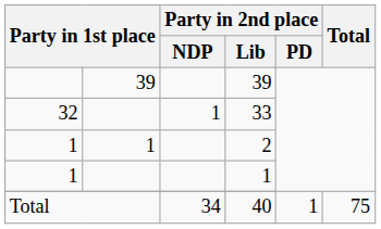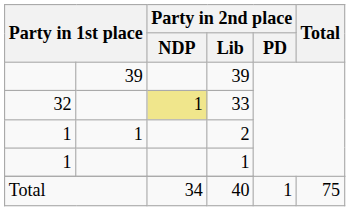 <table class="wikitable" style="text-align:right;">
 <tr>
 <th rowspan="2" colspan="2" style="text-align:left;">Party in 1st place</th>
 <th colspan="3">Party in 2nd place</th>
 <th rowspan="2">Total</th>
 </tr>
 <tr>
 <th>NDP</th>
 <th>Lib</th>
 <th>PD</th>
 </tr>
 <tr>
 <td></td>
 <td>39</td>
 <td></td>
 <td>39</td>
 </tr>
 <tr>
 <td>32</td>
 <td></td>
-<td>1</td>
+<td style="background: khaki;">1</td>
 <td>33</td>
 </tr>
 <tr>
 <td>1</td>
 <td>1</td>
 <td></td>
 <td>2</td>
 </tr>
 <tr>
 <td>1</td>
 <td></td>
 <td></td>
 <td>1</td>
 </tr>
 <tr>
 </tr>
 <tr>
 <td colspan="2" style="text-align:left;">Total</td>
 <td>34</td>
 <td>40</td>
 <td>1</td>
 <td>75</td>
 </tr>
 </table>
